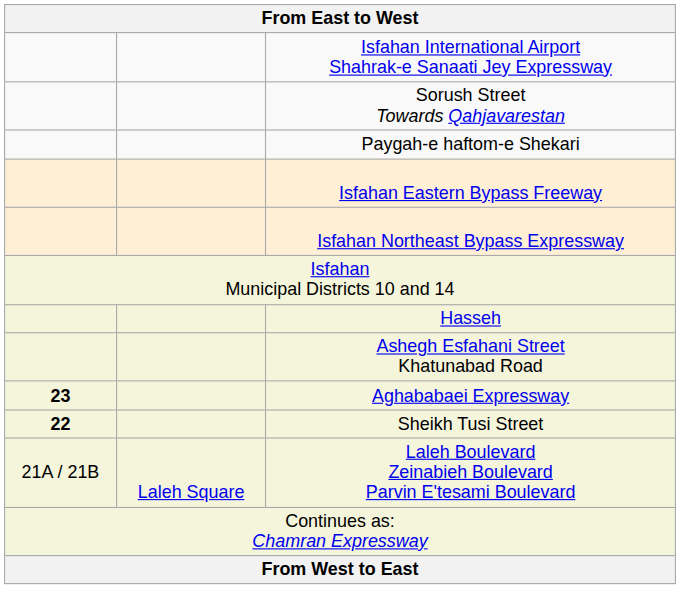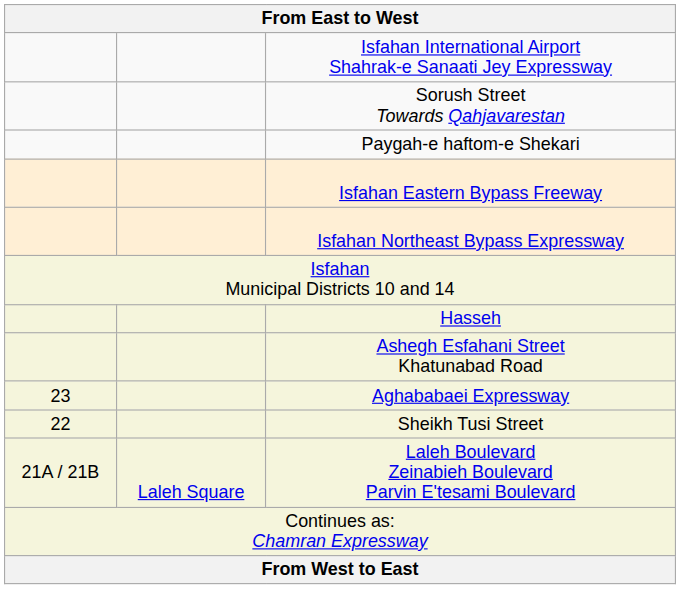 <table class="wikitable" style="text-align:center" width="600px">
 <tr>
 <th text-align="center" colspan="3"> From East to West </th>
 </tr>
 <tr>
 <td></td>
 <td><br></td>
 <td> <a href='#'>Isfahan International Airport</a><br> <a href='#'>Shahrak-e Sanaati Jey Expressway</a></td>
 </tr>
 <tr>
 <td></td>
 <td></td>
 <td> Sorush Street<br><em>Towards  <a href='#'>Qahjavarestan</a></td>
 </tr>
 <tr>
 <td></td>
 <td></td>
 <td></em>Paygah-e haftom-e Shekari<em></td>
 </tr>
 <tr>
 <td align="center" bgcolor="#FFEFD5"></td>
 <td align="center" bgcolor="#FFEFD5"><br></td>
 <td align="center" bgcolor="#FFEFD5"><br> <a href='#'>Isfahan Eastern Bypass Freeway</a></td>
 </tr>
 <tr>
 <td align="center" bgcolor="#FFEFD5"></td>
 <td align="center" bgcolor="#FFEFD5"><br></td>
 <td align="center" bgcolor="#FFEFD5"><br> <a href='#'>Isfahan Northeast Bypass Expressway</a></td>
 </tr>
 <tr>
 <td colspan="7" align="center" bgcolor="#F5 F5 DC">  <a href='#'>Isfahan</a> <br></em>Municipal Districts 10 and 14<em></td>
 </tr>
 <tr>
 <td align="center" colspan="1" bgcolor="F5 F5 DC"></td>
 <td align="center" colspan="1" bgcolor="F5 F5 DC"></td>
 <td align="center" colspan="1" bgcolor="F5 F5 DC"><a href='#'>Hasseh</a></td>
 </tr>
 <tr>
 <td align="center" colspan="1" bgcolor="F5 F5 DC"></td>
 <td align="center" colspan="1" bgcolor="F5 F5 DC"></td>
 <td align="center" colspan="1" bgcolor="F5 F5 DC"> <a href='#'>Ashegh Esfahani Street</a><br> Khatunabad Road</td>
 </tr>
 <tr>
-<td align="center" colspan="1" bgcolor="F5 F5 DC"><strong>23</strong></td>
+<td align="center" colspan="1" bgcolor="F5 F5 DC">23</td>
 <td align="center" colspan="1" bgcolor="F5 F5 DC"></td>
 <td align="center" colspan="1" bgcolor="F5 F5 DC"> <a href='#'>Aghababaei Expressway</a></td>
 </tr>
 <tr>
-<td align="center" colspan="1" bgcolor="F5 F5 DC"><strong>22</strong></td>
+<td align="center" colspan="1" bgcolor="F5 F5 DC">22</td>
 <td align="center" colspan="1" bgcolor="F5 F5 DC"></td>
 <td align="center" colspan="1" bgcolor="F5 F5 DC"> Sheikh Tusi Street</td>
 </tr>
 <tr>
 <td align="center" colspan="1" bgcolor="F5 F5 DC">21A / 21B</td>
 <td align="center" colspan="1" bgcolor="F5 F5 DC"><br><br><a href='#'>Laleh Square</a></td>
 <td align="center" colspan="1" bgcolor="F5 F5 DC"> <a href='#'>Laleh Boulevard</a><br> <a href='#'>Zeinabieh Boulevard</a><br> <a href='#'>Parvin E'tesami Boulevard</a></td>
 </tr>
 <tr>
 <td colspan="7" align="center" bgcolor="F5 F5 DC"></em>Continues as:<em><br> <a href='#'>Chamran Expressway</a></td>
 </tr>
 <tr>
 <th text-align="center" colspan="3"> From West to East </th>
 </tr>
 </table>
